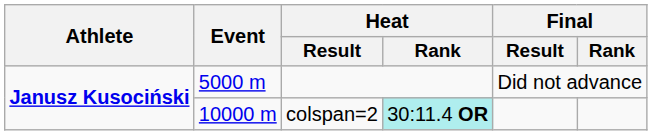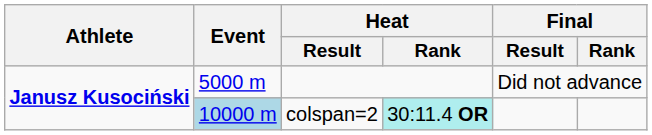 <table class="wikitable" style="font-size:90%">
 <tr>
 <th rowspan="2">Athlete</th>
 <th rowspan="2">Event</th>
 <th colspan="2">Heat</th>
 <th colspan="2">Final</th>
 </tr>
 <tr style="font-size:95%">
 <th>Result</th>
 <th>Rank</th>
 <th>Result</th>
 <th>Rank</th>
 </tr>
 <tr align=center>
 <td align=left rowspan=3><strong><a href='#'>Janusz Kusociński</a></strong></td>
 <td align=left><a href='#'>5000 m</a></td>
 <td colspan=2></td>
 <td colspan=2>Did not advance</td>
 </tr>
 <tr align=center>
-<td align=left><a href='#'>10000 m</a></td>
+<td align=left style="background: lightblue;"><a href='#'>10000 m</a></td>
 <td>colspan=2 </td>
 <td style="background: paleturquoise;">30:11.4 <strong>OR</strong></td>
 <td></td>
 </tr>
 </table>
